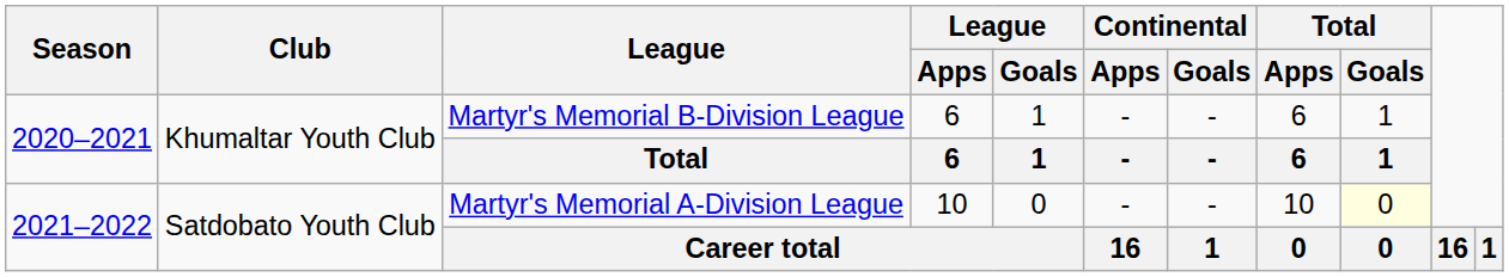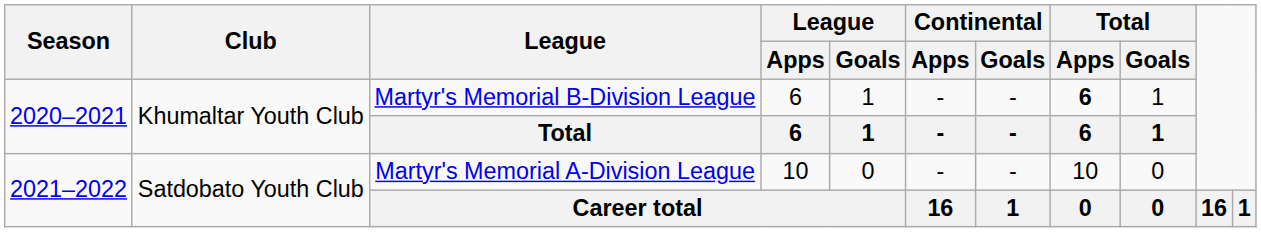 <table class="wikitable" style="text-align:center;">
 <tr>
 <th rowspan=2>Season</th>
 <th rowspan=2>Club</th>
 <th rowspan=2>League</th>
 <th colspan=2>League</th>
 <th colspan=2>Continental</th>
 <th colspan=2>Total</th>
 </tr>
 <tr>
 <th>Apps</th>
 <th>Goals</th>
 <th>Apps</th>
 <th>Goals</th>
 <th>Apps</th>
 <th>Goals</th>
 </tr>
 <tr>
 <td rowspan=2><a href='#'>2020–2021</a></td>
 <td rowspan=2>Khumaltar Youth Club</td>
 <td><a href='#'>Martyr's Memorial B-Division League</a></td>
 <td>6</td>
 <td>1</td>
 <td>-</td>
 <td>-</td>
-<td>6</td>
+<td><strong>6</strong></td>
 <td>1</td>
 </tr>
 <tr>
 <th>Total</th>
 <th>6</th>
 <th>1</th>
 <th>-</th>
 <th>-</th>
 <th>6</th>
 <th>1</th>
 </tr>
 <tr>
 <td rowspan=2><a href='#'>2021–2022</a></td>
 <td rowspan=2>Satdobato Youth Club</td>
 <td><a href='#'>Martyr's Memorial A-Division League</a></td>
 <td>10</td>
 <td>0</td>
 <td>-</td>
 <td>-</td>
 <td>10</td>
-<td style="background: lightyellow;">0</td>
+<td>0</td>
 </tr>
 <tr>
 <th colspan="3">Career total</th>
 <th>16</th>
 <th>1</th>
 <th>0</th>
 <th>0</th>
 <th>16</th>
 <th>1</th>
 </tr>
 </table>
